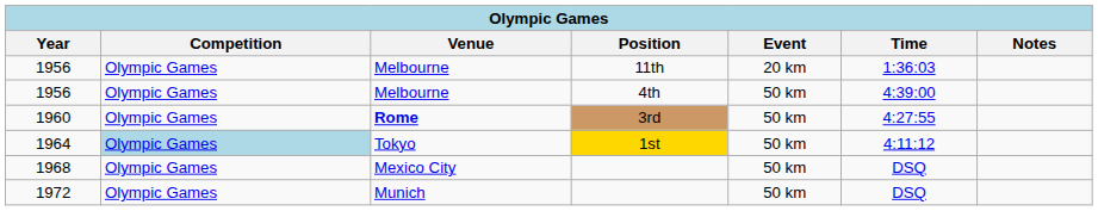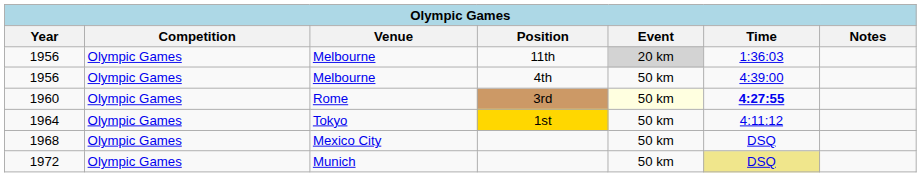 <table class="wikitable" width=50% style="font-size:90%; text-align:center;">
 <tr>
 <td colspan=7 bgcolor=lightblue><strong>Olympic Games</strong></td>
 </tr>
 <tr>
 <th>Year</th>
 <th>Competition</th>
 <th>Venue</th>
 <th>Position</th>
 <th>Event</th>
 <th>Time</th>
 <th>Notes</th>
 </tr>
 <tr>
 <td>1956</td>
 <td align=left><a href='#'>Olympic Games</a></td>
 <td align=left> <a href='#'>Melbourne</a></td>
 <td>11th</td>
-<td>20 km</td>
+<td style="background: lightgrey;">20 km</td>
 <td><a href='#'>1:36:03</a></td>
 <td></td>
 </tr>
 <tr>
 <td>1956</td>
 <td align=left><a href='#'>Olympic Games</a></td>
 <td align=left> <a href='#'>Melbourne</a></td>
 <td>4th</td>
 <td>50 km</td>
 <td><a href='#'>4:39:00</a></td>
 <td></td>
 </tr>
 <tr>
 <td>1960</td>
 <td align=left><a href='#'>Olympic Games</a></td>
-<td align=left><strong> <a href='#'>Rome</a></strong></td>
+<td align=left> <a href='#'>Rome</a></td>
 <td bgcolor=cc9966>3rd</td>
-<td>50 km</td>
-<td><a href='#'>4:27:55</a></td>
+<td style="background: lightyellow;">50 km</td>
+<td><strong><a href='#'>4:27:55</a></strong></td>
 <td></td>
 </tr>
 <tr>
 <td>1964</td>
-<td align=left style="background: lightblue;"><a href='#'>Olympic Games</a></td>
+<td align=left><a href='#'>Olympic Games</a></td>
 <td align=left> <a href='#'>Tokyo</a></td>
 <td bgcolor=gold>1st</td>
 <td>50 km</td>
 <td><a href='#'>4:11:12</a></td>
 <td></td>
 </tr>
 <tr>
 <td>1968</td>
 <td align=left><a href='#'>Olympic Games</a></td>
 <td align=left> <a href='#'>Mexico City</a></td>
 <td></td>
 <td>50 km</td>
 <td><a href='#'>DSQ</a></td>
 <td></td>
 </tr>
 <tr>
 <td>1972</td>
 <td align=left><a href='#'>Olympic Games</a></td>
 <td align=left> <a href='#'>Munich</a></td>
 <td></td>
 <td>50 km</td>
-<td><a href='#'>DSQ</a></td>
+<td style="background: khaki;"><a href='#'>DSQ</a></td>
 <td></td>
 </tr>
 </table>
